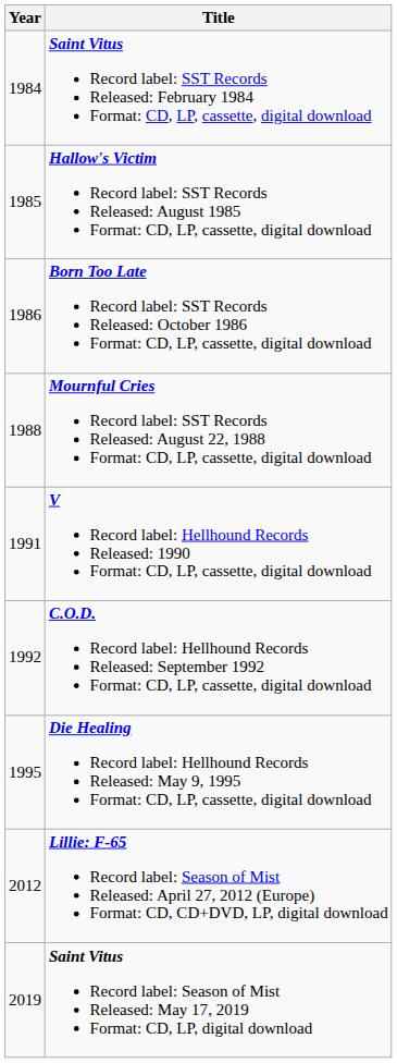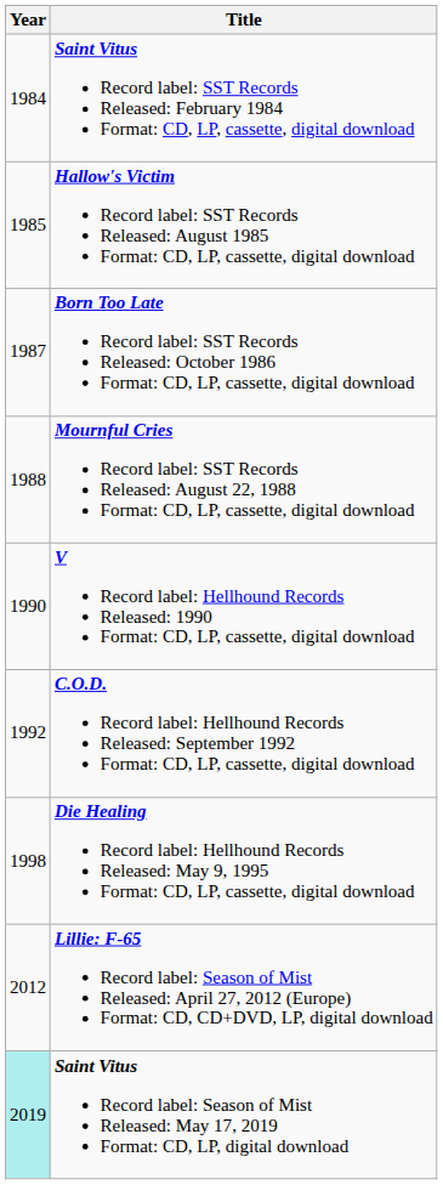 <table class="wikitable">
 <tr>
 <th>Year</th>
 <th>Title</th>
 </tr>
 <tr>
 <td>1984</td>
 <td><strong><em><a href='#'>Saint Vitus</a></em></strong><br><ul><li>Record label: <a href='#'>SST Records</a></li><li>Released: February 1984</li><li>Format: <a href='#'>CD</a>, <a href='#'>LP</a>, <a href='#'>cassette</a>, <a href='#'>digital download</a></li></ul></td>
 </tr>
 <tr>
 <td>1985</td>
 <td><strong><em><a href='#'>Hallow's Victim</a></em></strong><br><ul><li>Record label: SST Records</li><li>Released: August 1985</li><li>Format: CD, LP, cassette, digital download</li></ul></td>
 </tr>
 <tr>
-<td>1986</td>
+<td>1987</td>
 <td><strong><em><a href='#'>Born Too Late</a></em></strong><br><ul><li>Record label: SST Records</li><li>Released: October 1986</li><li>Format: CD, LP, cassette, digital download</li></ul></td>
 </tr>
 <tr>
 <td>1988</td>
 <td><strong><em><a href='#'>Mournful Cries</a></em></strong><br><ul><li>Record label: SST Records</li><li>Released: August 22, 1988</li><li>Format: CD, LP, cassette, digital download</li></ul></td>
 </tr>
 <tr>
-<td>1991</td>
+<td>1990</td>
 <td><strong><em><a href='#'>V</a></em></strong><br><ul><li>Record label: <a href='#'>Hellhound Records</a></li><li>Released: 1990</li><li>Format: CD, LP, cassette, digital download</li></ul></td>
 </tr>
 <tr>
 <td>1992</td>
 <td><strong><em><a href='#'>C.O.D.</a></em></strong><br><ul><li>Record label: Hellhound Records</li><li>Released: September 1992</li><li>Format: CD, LP, cassette, digital download</li></ul></td>
 </tr>
 <tr>
-<td>1995</td>
+<td>1998</td>
 <td><strong><em><a href='#'>Die Healing</a></em></strong><br><ul><li>Record label: Hellhound Records</li><li>Released: May 9, 1995</li><li>Format: CD, LP, cassette, digital download</li></ul></td>
 </tr>
 <tr>
 <td>2012</td>
 <td><strong><em><a href='#'>Lillie: F-65</a></em></strong><br><ul><li>Record label: <a href='#'>Season of Mist</a></li><li>Released: April 27, 2012 (Europe)</li><li>Format: CD, CD+DVD, LP, digital download</li></ul></td>
 </tr>
 <tr>
-<td>2019</td>
+<td style="background: paleturquoise;">2019</td>
 <td><strong><em>Saint Vitus</em></strong><br><ul><li>Record label: Season of Mist</li><li>Released: May 17, 2019</li><li>Format: CD, LP, digital download</li></ul></td>
 </tr>
 </table>
